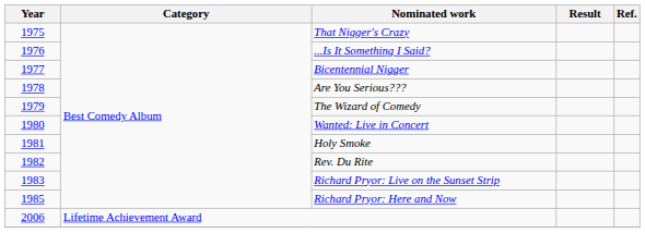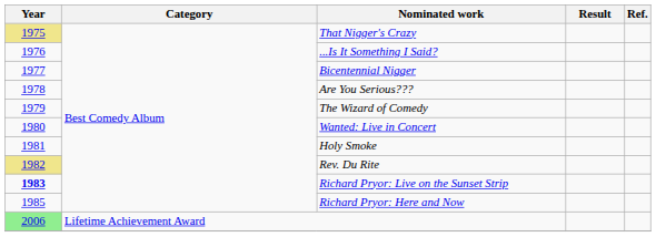 <table class=wikitable>
 <tr>
 <th scope="col" style="width:5em;">Year</th>
 <th scope="col" style="width:26em;">Category</th>
 <th scope="col" style="width:25em;">Nominated work</th>
 <th scope="col" style="width:5em;">Result</th>
 <th>Ref.</th>
 </tr>
 <tr>
-<td style="text-align:center;"><a href='#'>1975</a></td>
+<td style="background: khaki; text-align:center;"><a href='#'>1975</a></td>
 <td rowspan=10><a href='#'>Best Comedy Album</a></td>
 <td><em><a href='#'>That Nigger's Crazy</a></em></td>
 <td></td>
 <td></td>
 </tr>
 <tr>
 <td style="text-align:center;"><a href='#'>1976</a></td>
 <td><em><a href='#'>...Is It Something I Said?</a></em></td>
 <td></td>
 <td></td>
 </tr>
 <tr>
 <td style="text-align:center;"><a href='#'>1977</a></td>
 <td><em><a href='#'>Bicentennial Nigger</a></em></td>
 <td></td>
 <td></td>
 </tr>
 <tr>
 <td style="text-align:center;"><a href='#'>1978</a></td>
 <td><em>Are You Serious???</em></td>
 <td></td>
 <td></td>
 </tr>
 <tr>
 <td style="text-align:center;"><a href='#'>1979</a></td>
 <td><em>The Wizard of Comedy</em></td>
 <td></td>
 <td></td>
 </tr>
 <tr>
 <td style="text-align:center;"><a href='#'>1980</a></td>
 <td><em><a href='#'>Wanted: Live in Concert</a></em></td>
 <td></td>
 <td></td>
 </tr>
 <tr>
 <td style="text-align:center;"><a href='#'>1981</a></td>
 <td><em>Holy Smoke</em></td>
 <td></td>
 <td></td>
 </tr>
 <tr>
-<td style="text-align:center;"><a href='#'>1982</a></td>
+<td style="background: khaki; text-align:center;"><a href='#'>1982</a></td>
 <td><em>Rev. Du Rite</em></td>
 <td></td>
 <td></td>
 </tr>
 <tr>
-<td style="text-align:center;"><a href='#'>1983</a></td>
+<td style="text-align:center;"><strong><a href='#'>1983</a></strong></td>
 <td><em><a href='#'>Richard Pryor: Live on the Sunset Strip</a></em></td>
 <td></td>
 <td></td>
 </tr>
 <tr>
 <td style="text-align:center;"><a href='#'>1985</a></td>
 <td><em><a href='#'>Richard Pryor: Here and Now</a></em></td>
 <td></td>
 <td></td>
 </tr>
 <tr>
-<td style="text-align:center;"><a href='#'>2006</a></td>
+<td style="background: lightgreen; text-align:center;"><a href='#'>2006</a></td>
 <td colspan=2><a href='#'>Lifetime Achievement Award</a></td>
 <td></td>
 <td></td>
 </tr>
 <tr>
 </tr>
 </table>
